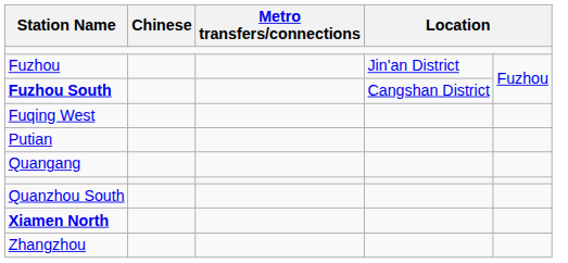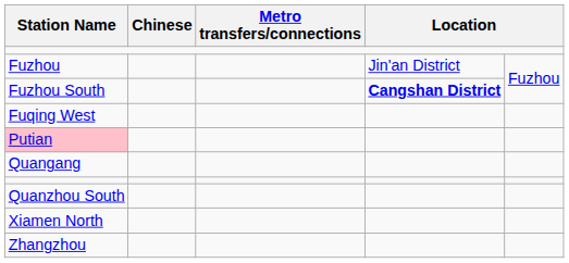 <table class="wikitable">
 <tr>
 <th>Station Name</th>
 <th>Chinese<br> </th>
 <th><a href='#'>Metro</a><br>transfers/connections</th>
 <th colspan="2">Location</th>
 </tr>
 <tr style="background:#">
 <td colspan = "11"></td>
 </tr>
 <tr>
 <td><a href='#'>Fuzhou</a></td>
 <td></td>
 <td>  </td>
 <td><a href='#'>Jin'an District</a></td>
 <td rowspan="2"><a href='#'>Fuzhou</a></td>
 </tr>
 <tr>
-<td><strong><a href='#'>Fuzhou South</a></strong></td>
+<td><a href='#'>Fuzhou South</a></td>
 <td></td>
 <td>  </td>
-<td><a href='#'>Cangshan District</a></td>
+<td><strong><a href='#'>Cangshan District</a></strong></td>
 </tr>
 <tr>
 <td><a href='#'>Fuqing West</a></td>
 <td></td>
 <td></td>
 <td></td>
 <td></td>
 </tr>
 <tr>
-<td><a href='#'>Putian</a></td>
+<td style="background: pink;"><a href='#'>Putian</a></td>
 <td></td>
 <td></td>
 <td></td>
 <td></td>
 </tr>
 <tr>
 <td><a href='#'>Quangang</a></td>
 <td></td>
 <td></td>
 <td></td>
 <td></td>
 </tr>
 <tr>
 <td></td>
 <td></td>
 <td></td>
 <td></td>
 <td></td>
 </tr>
 <tr>
 <td><a href='#'>Quanzhou South</a></td>
 <td></td>
 <td></td>
 <td></td>
 <td></td>
 </tr>
 <tr>
-<td><strong><a href='#'>Xiamen North</a></strong></td>
+<td><a href='#'>Xiamen North</a></td>
 <td></td>
 <td>  </td>
 <td></td>
 <td></td>
 </tr>
 <tr>
 <td><a href='#'>Zhangzhou</a></td>
 <td></td>
 <td></td>
 <td></td>
 <td></td>
 </tr>
 </table>
